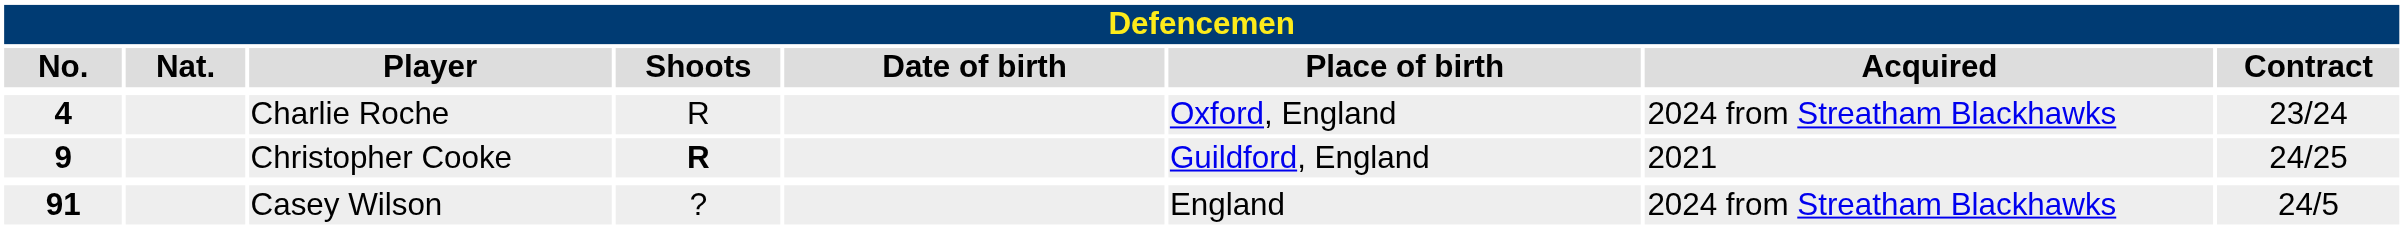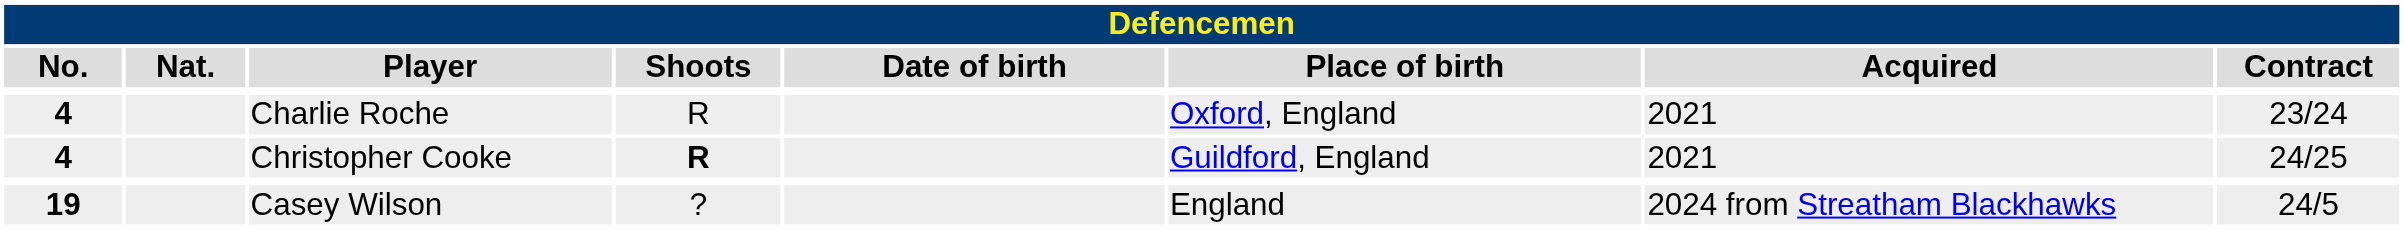 <table class="toccolours"  style="width:97%; clear:both; margin:1.5em auto; text-align:center;">
 <tr style="background:#ddd;">
 <th colspan="11" style="background:#003b73; color:#fdeb1b;”">Defencemen</th>
 </tr>
 <tr style="background:#ddd;">
 <th width=5%>No.</th>
 <th width=5%>Nat.</th>
 <th !width=22%>Player</th>
 <th width=7%>Shoots</th>
 <th width=16%>Date of birth</th>
 <th width=20%>Place of birth</th>
 <th width=24%>Acquired</th>
 <td><strong>Contract</strong></td>
 </tr>
 <tr style="background:#eee;">
 </tr>
 <tr style="background:#eee;">
 <td><strong>4</strong></td>
 <td></td>
 <td align=left>Charlie Roche</td>
 <td>R</td>
 <td align=left></td>
 <td align=left><a href='#'>Oxford</a>, England</td>
-<td align=left>2024 from <a href='#'>Streatham Blackhawks</a></td>
+<td align=left>2021</td>
 <td>23/24</td>
 </tr>
 <tr style="background:#eee;">
-<td><strong>9</strong></td>
+<td><strong>4</strong></td>
 <td></td>
 <td align=left>Christopher Cooke</td>
 <td><strong>R</strong></td>
 <td align=left></td>
 <td align=left><a href='#'>Guildford</a>, England</td>
 <td align=left>2021</td>
 <td>24/25</td>
 </tr>
 <tr style="background:#eee;">
 </tr>
 <tr style="background:#eee;">
-<td><strong>91</strong></td>
+<td><strong>19</strong></td>
 <td></td>
 <td align=left>Casey Wilson</td>
 <td>?</td>
 <td align=left></td>
 <td align=left>England</td>
 <td align=left>2024 from <a href='#'>Streatham Blackhawks</a></td>
 <td>24/5</td>
 </tr>
 </table>
